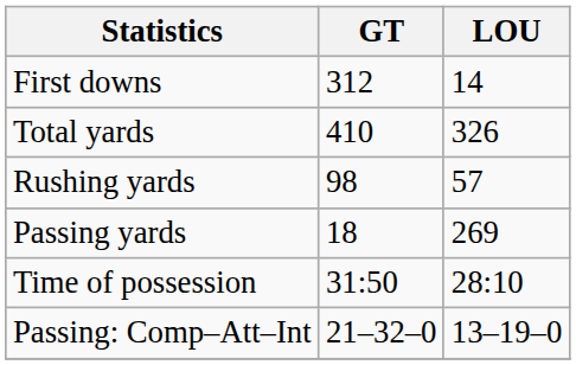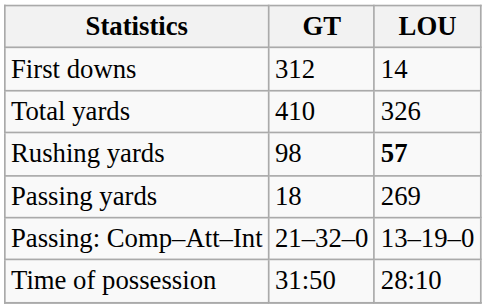 <table class="wikitable" style="float: left;">
 <tr>
 <th>Statistics</th>
 <th>GT</th>
 <th>LOU</th>
 </tr>
 <tr>
 <td>First downs</td>
 <td>312</td>
 <td>14</td>
 </tr>
 <tr>
 <td>Total yards</td>
 <td>410</td>
 <td>326</td>
 </tr>
 <tr>
 <td>Rushing yards</td>
 <td>98</td>
-<td>57</td>
+<td><strong>57</strong></td>
 </tr>
 <tr>
 <td>Passing yards</td>
 <td>18</td>
 <td>269</td>
 </tr>
 <tr>
+<td>Passing: Comp–Att–Int</td>
+<td>21–32–0</td>
+<td>13–19–0</td>
+</tr>
+<tr>
 <td>Time of possession</td>
 <td>31:50</td>
 <td>28:10</td>
 </tr>
 <tr>
-<td>Passing: Comp–Att–Int</td>
-<td>21–32–0</td>
-<td>13–19–0</td>
-</tr>
-<tr>
 </tr>
 </table>
